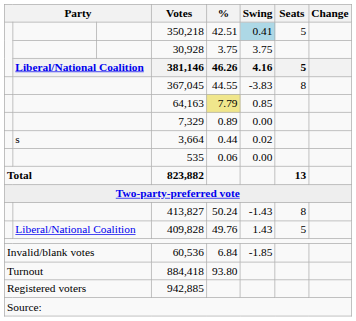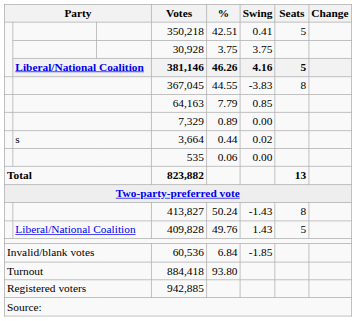 <table class="wikitable">
 <tr>
 <th colspan="3" style="width:200px"><strong>Party</strong></th>
 <th style="width:70px; text-align:center;"><strong>Votes</strong></th>
 <th style="width:40px; text-align:center;"><strong>%</strong></th>
 <th style="width:40px; text-align:center;"><strong>Swing</strong></th>
 <th style="width:40px; text-align:center;"><strong>Seats</strong></th>
 <th style="width:40px; text-align:center;"><strong>Change</strong></th>
 </tr>
 <tr>
 <td rowspan="3"> </td>
 <td> </td>
 <td></td>
 <td align=right>350,218</td>
 <td align=right>42.51</td>
-<td align=right style="background: lightblue;">0.41</td>
+<td align=right>0.41</td>
 <td align=right>5</td>
 <td align=right></td>
 </tr>
 <tr>
 <td> </td>
 <td></td>
 <td align=right>30,928</td>
 <td align=right>3.75</td>
 <td align=right>3.75</td>
 <td align=right></td>
 <td align=right></td>
 </tr>
 <tr>
 <th colspan="2" style="text-align:left;"><a href='#'>Liberal/National Coalition</a></th>
 <th style="text-align:right;">381,146</th>
 <th style="text-align:right;">46.26</th>
 <th style="text-align:right;">4.16</th>
 <th style="text-align:right;">5</th>
 <th style="text-align:right;"></th>
 </tr>
 <tr>
 <td> </td>
 <td colspan=2></td>
 <td align=right>367,045</td>
 <td align=right>44.55</td>
 <td align=right>-3.83</td>
 <td align=right>8</td>
 <td align=right></td>
 </tr>
 <tr>
 <td> </td>
 <td colspan=2></td>
 <td align=right>64,163</td>
-<td align=right style="background: khaki;">7.79</td>
+<td align=right>7.79</td>
 <td align=right>0.85</td>
 <td align=right></td>
 <td align=right></td>
 </tr>
 <tr>
 <td> </td>
 <td colspan=2></td>
 <td align=right>7,329</td>
 <td align=right>0.89</td>
 <td align=right>0.00</td>
 <td align=right></td>
 <td align=right></td>
 </tr>
 <tr>
 <td> </td>
 <td colspan=2>s</td>
 <td align=right>3,664</td>
 <td align=right>0.44</td>
 <td align=right>0.02</td>
 <td align=right></td>
 <td align=right></td>
 </tr>
 <tr>
 <td> </td>
 <td colspan=2></td>
 <td align=right>535</td>
 <td align=right>0.06</td>
 <td align=right>0.00</td>
 <td align=right></td>
 <td align=right></td>
 </tr>
 <tr>
 <td colspan="3" align="left"><strong>Total</strong></td>
 <td align=right><strong>823,882</strong></td>
 <td align=right></td>
 <td align=right></td>
 <td align=right><strong>13</strong></td>
 <td align=right></td>
 </tr>
 <tr>
 <td colspan="8" style="text-align:center; background:#eee;"><strong><a href='#'>Two-party-preferred vote</a></strong></td>
 </tr>
 <tr>
 <td> </td>
 <td colspan=2></td>
 <td align=right>413,827</td>
 <td align=right>50.24</td>
 <td align=right>-1.43</td>
 <td align=right>8</td>
 <td align=right></td>
 </tr>
 <tr>
 <td> </td>
 <td colspan=2><a href='#'>Liberal/National Coalition</a></td>
 <td align=right>409,828</td>
 <td align=right>49.76</td>
 <td align=right>1.43</td>
 <td align=right>5</td>
 <td align=right></td>
 </tr>
 <tr>
 <td colspan="8"></td>
 </tr>
 <tr>
 <td colspan="3" style="text-align:left;">Invalid/blank votes</td>
 <td align=right>60,536</td>
 <td align=right>6.84</td>
 <td align=right>-1.85</td>
 <td></td>
 <td></td>
 </tr>
 <tr>
 <td colspan="3" style="text-align:left;">Turnout</td>
 <td align=right>884,418</td>
 <td align=right>93.80</td>
 <td></td>
 <td></td>
 <td></td>
 </tr>
 <tr>
 <td colspan="3" style="text-align:left;">Registered voters</td>
 <td align=right>942,885</td>
 <td></td>
 <td></td>
 <td></td>
 <td></td>
 </tr>
 <tr>
 <td colspan="8" align="left">Source: </td>
 </tr>
 </table>
